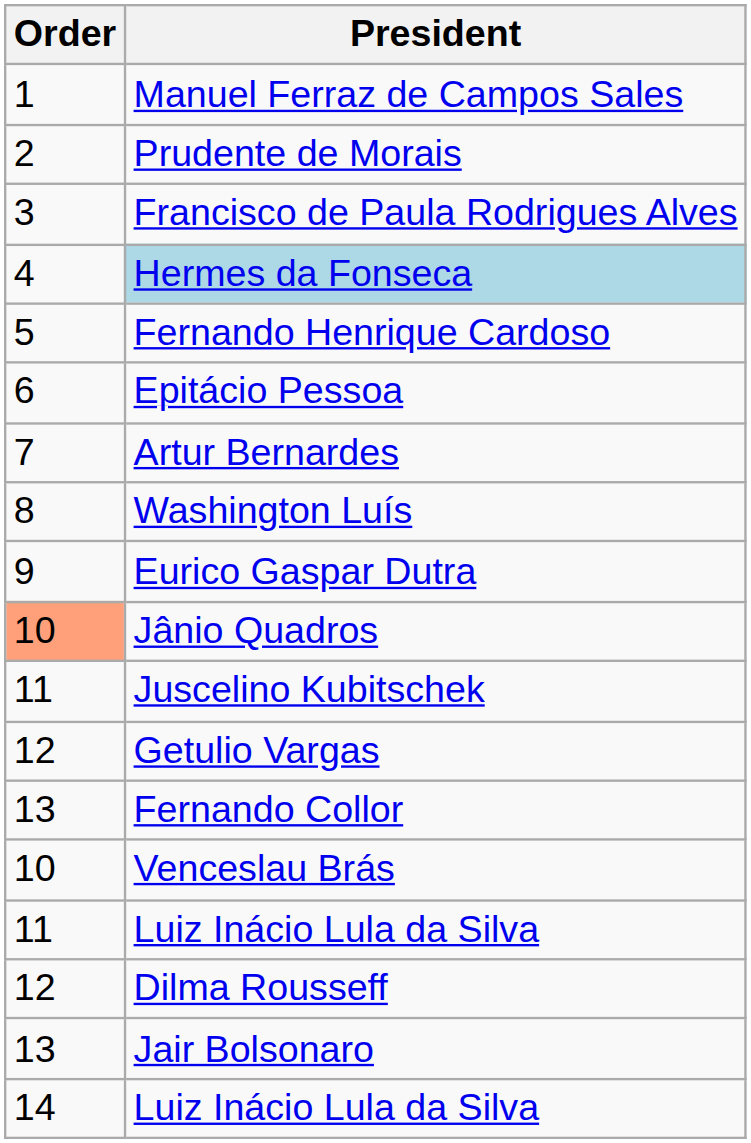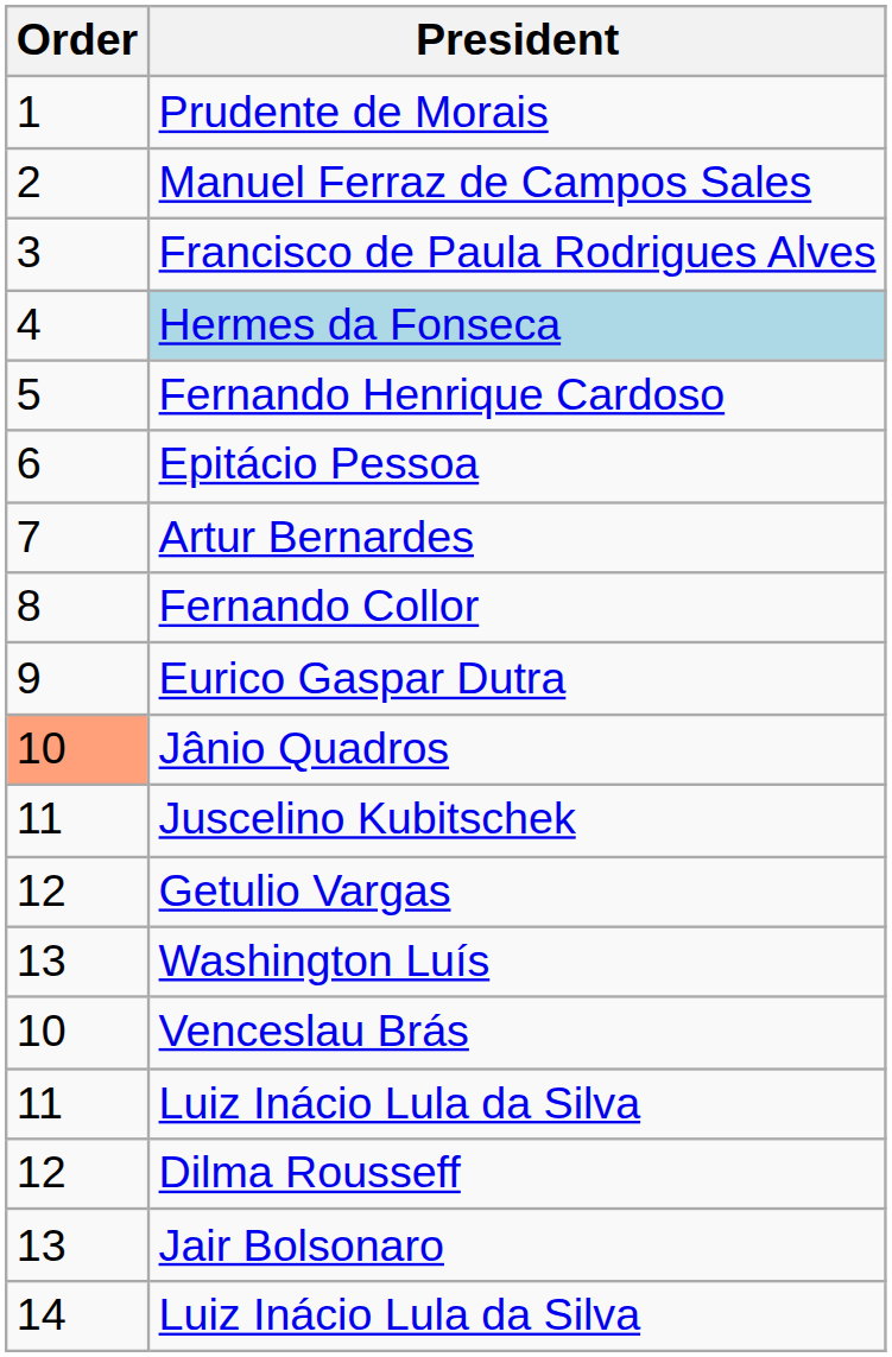 <table class="wikitable">
 <tr>
 <th>Order</th>
 <th>President</th>
 </tr>
 <tr>
 <td>1</td>
-<td><a href='#'>Manuel Ferraz de Campos Sales</a></td>
+<td><a href='#'>Prudente de Morais</a></td>
 </tr>
 <tr>
 <td>2</td>
-<td><a href='#'>Prudente de Morais</a></td>
+<td><a href='#'>Manuel Ferraz de Campos Sales</a></td>
 </tr>
 <tr>
 <td>3</td>
 <td><a href='#'>Francisco de Paula Rodrigues Alves</a></td>
 </tr>
 <tr>
 <td>4</td>
 <td style="background: lightblue;"><a href='#'>Hermes da Fonseca</a></td>
 </tr>
 <tr>
 <td>5</td>
 <td><a href='#'>Fernando Henrique Cardoso</a></td>
 </tr>
 <tr>
 <td>6</td>
 <td><a href='#'>Epitácio Pessoa</a></td>
 </tr>
 <tr>
 <td>7</td>
 <td><a href='#'>Artur Bernardes</a></td>
 </tr>
 <tr>
 <td>8</td>
-<td><a href='#'>Washington Luís</a></td>
+<td><a href='#'>Fernando Collor</a></td>
 </tr>
 <tr>
 <td>9</td>
 <td><a href='#'>Eurico Gaspar Dutra</a></td>
 </tr>
 <tr>
 <td style="background: lightsalmon;">10</td>
 <td><a href='#'>Jânio Quadros</a></td>
 </tr>
 <tr>
 <td>11</td>
 <td><a href='#'>Juscelino Kubitschek</a></td>
 </tr>
 <tr>
 <td>12</td>
 <td><a href='#'>Getulio Vargas</a></td>
 </tr>
 <tr>
 <td>13</td>
-<td><a href='#'>Fernando Collor</a></td>
+<td><a href='#'>Washington Luís</a></td>
 </tr>
 <tr>
 <td>10</td>
 <td><a href='#'>Venceslau Brás</a></td>
 </tr>
 <tr>
 <td>11</td>
 <td><a href='#'>Luiz Inácio Lula da Silva</a></td>
 </tr>
 <tr>
 <td>12</td>
 <td><a href='#'>Dilma Rousseff</a></td>
 </tr>
 <tr>
 <td>13</td>
 <td><a href='#'>Jair Bolsonaro</a></td>
 </tr>
 <tr>
 <td>14</td>
 <td><a href='#'>Luiz Inácio Lula da Silva</a></td>
 </tr>
 </table>
